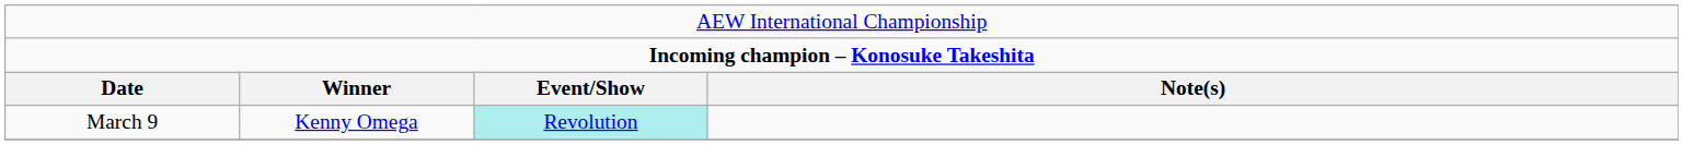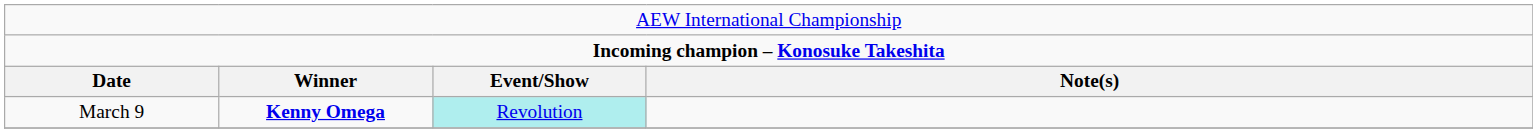 <table class="wikitable" style="text-align:center; width:100%;">
 <tr>
 <td colspan="4" style="text-align: center;"><a href='#'>AEW International Championship</a></td>
 </tr>
 <tr>
 <td colspan="4" style="text-align: center;"><strong>Incoming champion – <a href='#'>Konosuke Takeshita</a></strong></td>
 </tr>
 <tr>
 <th width="14%">Date</th>
 <th width="14%">Winner</th>
 <th width="14%">Event/Show</th>
 <th width="58%">Note(s)</th>
 </tr>
 <tr>
 <td>March 9</td>
-<td><a href='#'>Kenny Omega</a></td>
+<td><strong><a href='#'>Kenny Omega</a></strong></td>
 <td style="background: paleturquoise;"><a href='#'>Revolution</a></td>
 <td></td>
 </tr>
 <tr>
 </tr>
 </table>
